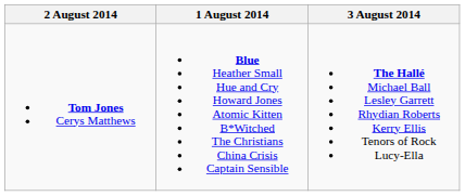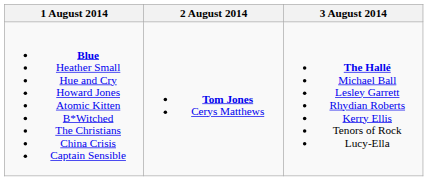 <table class="wikitable" style="text-align:center;">
 <tr>
+<th scope="col" style="width:12em;">1 August 2014</th>
 <th scope="col" style="width:12em;">2 August 2014</th>
-<th scope="col" style="width:12em;">1 August 2014</th>
 <th scope="col" style="width:12em;">3 August 2014</th>
 </tr>
 <tr>
+<td><br><ul><li><strong><a href='#'>Blue</a></strong></li><li><a href='#'>Heather Small</a></li><li><a href='#'>Hue and Cry</a></li><li><a href='#'>Howard Jones</a></li><li><a href='#'>Atomic Kitten</a></li><li><a href='#'>B*Witched</a></li><li><a href='#'>The Christians</a></li><li><a href='#'>China Crisis</a></li><li><a href='#'>Captain Sensible</a></li></ul></td>
 <td><br><ul><li><strong><a href='#'>Tom Jones</a></strong></li><li><a href='#'>Cerys Matthews</a></li></ul></td>
-<td><br><ul><li><strong><a href='#'>Blue</a></strong></li><li><a href='#'>Heather Small</a></li><li><a href='#'>Hue and Cry</a></li><li><a href='#'>Howard Jones</a></li><li><a href='#'>Atomic Kitten</a></li><li><a href='#'>B*Witched</a></li><li><a href='#'>The Christians</a></li><li><a href='#'>China Crisis</a></li><li><a href='#'>Captain Sensible</a></li></ul></td>
 <td><br><ul><li><strong><a href='#'>The Hallé</a></strong></li><li><a href='#'>Michael Ball</a></li><li><a href='#'>Lesley Garrett</a></li><li><a href='#'>Rhydian Roberts</a></li><li><a href='#'>Kerry Ellis</a></li><li>Tenors of Rock</li><li>Lucy-Ella</li></ul></td>
 </tr>
 </table>
